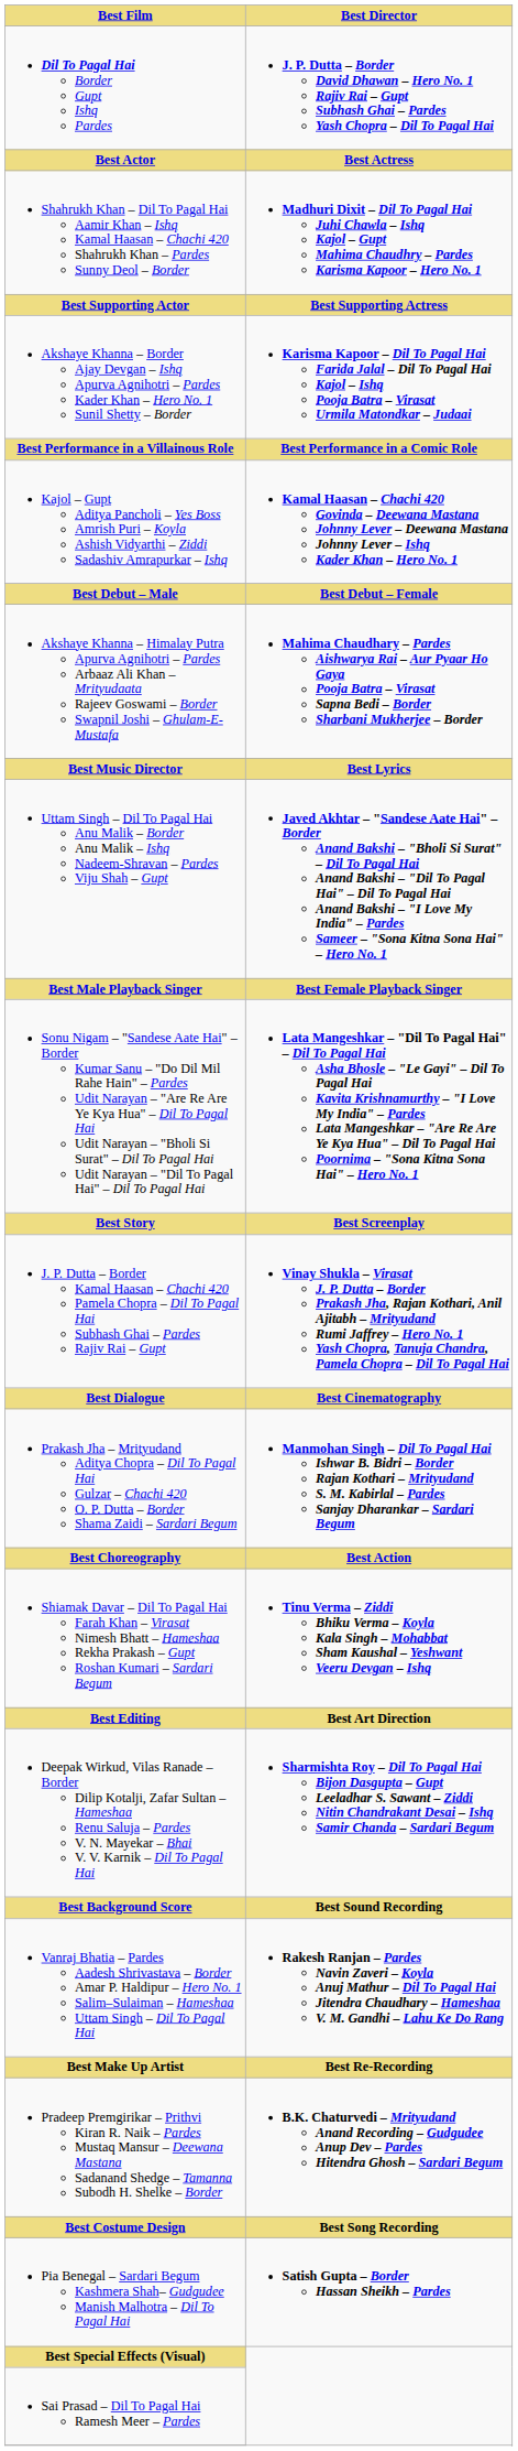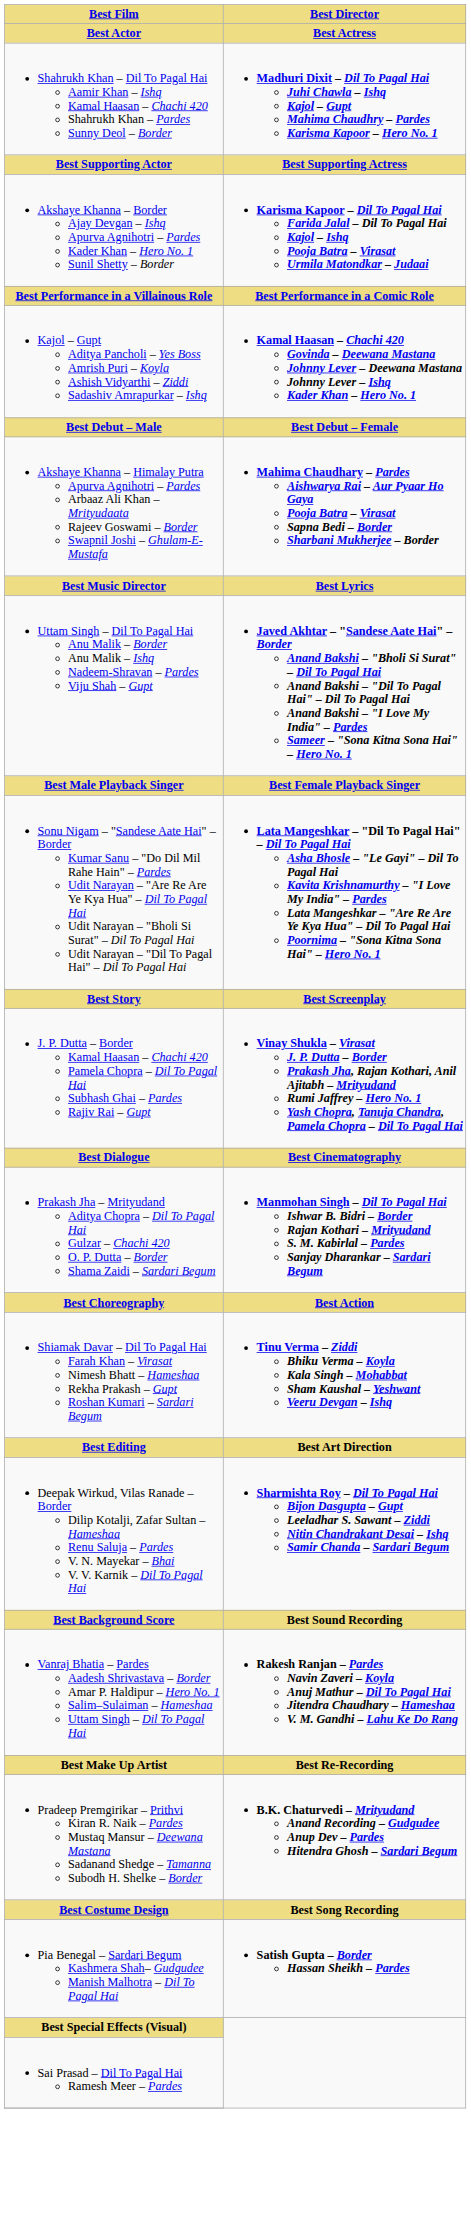 <table class="wikitable">
 <tr>
 <th ! style="background:#EEDD82;text-align:center;"><a href='#'>Best Film</a></th>
 <th ! style="background:#eedd82; text-align:center;"><a href='#'>Best Director</a></th>
-</tr>
-<tr>
-<td valign="top"><br><ul><li><strong><em><a href='#'>Dil To Pagal Hai</a></em></strong><ul><li><em><a href='#'>Border</a></em></li><li><em><a href='#'>Gupt</a></em></li><li><em><a href='#'>Ishq</a></em></li><li><em><a href='#'>Pardes</a></em></li></ul></li></ul></td>
-<td valign="top"><br><ul><li><strong><a href='#'>J. P. Dutta</a> – <em><a href='#'>Border</a><strong><em><ul><li><a href='#'>David Dhawan</a> – </em><a href='#'>Hero No. 1</a><em></li><li><a href='#'>Rajiv Rai</a> – <a href='#'>Gupt</a></li><li><a href='#'>Subhash Ghai</a> – </em><a href='#'>Pardes</a><em></li><li><a href='#'>Yash Chopra</a> – </em><a href='#'>Dil To Pagal Hai</a><em></li></ul></li></ul></td>
 </tr>
 <tr>
 <th ! style="background:#eedd82; text-align:center;"><a href='#'>Best Actor</a></th>
 <th ! style="background:#eedd82; text-align:center;"><a href='#'>Best Actress</a></th>
 </tr>
 <tr>
 <td valign="top"><br><ul><li></strong><a href='#'>Shahrukh Khan</a> – </em><a href='#'>Dil To Pagal Hai</a></em></strong><ul><li><a href='#'>Aamir Khan</a> – <em><a href='#'>Ishq</a></em></li><li><a href='#'>Kamal Haasan</a> – <em><a href='#'>Chachi 420</a></em></li><li>Shahrukh Khan – <em><a href='#'>Pardes</a></em></li><li><a href='#'>Sunny Deol</a> – <em><a href='#'>Border</a></em></li></ul></li></ul></td>
 <td valign="top"><br><ul><li><strong><a href='#'>Madhuri Dixit</a> – <em><a href='#'>Dil To Pagal Hai</a><strong><em><ul><li><a href='#'>Juhi Chawla</a> – </em><a href='#'>Ishq</a><em></li><li><a href='#'>Kajol</a> – </em><a href='#'>Gupt</a><em></li><li><a href='#'>Mahima Chaudhry</a> – <a href='#'>Pardes</a></li><li><a href='#'>Karisma Kapoor</a> – </em><a href='#'>Hero No. 1</a><em></li></ul></li></ul></td>
 </tr>
 <tr>
 <th ! style="background:#eedd82; text-align:center;"><a href='#'>Best Supporting Actor</a></th>
 <th ! style="background:#eedd82; text-align:center;"><a href='#'>Best Supporting Actress</a></th>
 </tr>
 <tr>
 <td valign="top"><br><ul><li></strong><a href='#'>Akshaye Khanna</a> – </em><a href='#'>Border</a></em></strong><ul><li><a href='#'>Ajay Devgan</a> – <em><a href='#'>Ishq</a></em></li><li><a href='#'>Apurva Agnihotri</a> – <em><a href='#'>Pardes</a></em></li><li><a href='#'>Kader Khan</a> – <em><a href='#'>Hero No. 1</a></em></li><li><a href='#'>Sunil Shetty</a> – <em>Border</em></li></ul></li></ul></td>
 <td valign="top"><br><ul><li><strong><a href='#'>Karisma Kapoor</a> – <em><a href='#'>Dil To Pagal Hai</a><strong><em><ul><li><a href='#'>Farida Jalal</a> – </em>Dil To Pagal Hai<em></li><li><a href='#'>Kajol</a> – </em><a href='#'>Ishq</a><em></li><li><a href='#'>Pooja Batra</a> – </em><a href='#'>Virasat</a><em></li><li><a href='#'>Urmila Matondkar</a> – </em><a href='#'>Judaai</a><em></li></ul></li></ul></td>
 </tr>
 <tr>
 <th ! style="background:#eedd82; text-align:center;"><a href='#'>Best Performance in a Villainous Role</a></th>
 <th ! style="background:#eedd82; text-align:center;"><a href='#'>Best Performance in a Comic Role</a></th>
 </tr>
 <tr>
 <td valign="top"><br><ul><li></strong><a href='#'>Kajol</a> – </em><a href='#'>Gupt</a></em></strong><ul><li><a href='#'>Aditya Pancholi</a> – <em><a href='#'>Yes Boss</a></em></li><li><a href='#'>Amrish Puri</a> – <em><a href='#'>Koyla</a></em></li><li><a href='#'>Ashish Vidyarthi</a> – <em><a href='#'>Ziddi</a></em></li><li><a href='#'>Sadashiv Amrapurkar</a> – <em><a href='#'>Ishq</a></em></li></ul></li></ul></td>
 <td valign="top"><br><ul><li><strong><a href='#'>Kamal Haasan</a> – <em><a href='#'>Chachi 420</a><strong><em><ul><li><a href='#'>Govinda</a> – </em><a href='#'>Deewana Mastana</a><em></li><li><a href='#'>Johnny Lever</a> – </em>Deewana Mastana<em></li><li>Johnny Lever – </em><a href='#'>Ishq</a><em></li><li><a href='#'>Kader Khan</a> – </em><a href='#'>Hero No. 1</a><em></li></ul></li></ul></td>
 </tr>
 <tr>
 <th ! style="background:#eedd82; text-align:center;"><a href='#'>Best Debut – Male</a></th>
 <th ! style="background:#eedd82; text-align:center;"><a href='#'>Best Debut – Female</a></th>
 </tr>
 <tr>
 <td valign="top"><br><ul><li></strong><a href='#'>Akshaye Khanna</a> – </em><a href='#'>Himalay Putra</a></em></strong><ul><li><a href='#'>Apurva Agnihotri</a> – <em><a href='#'>Pardes</a></em></li><li>Arbaaz Ali Khan – <em><a href='#'>Mrityudaata</a></em></li><li>Rajeev Goswami – <em><a href='#'>Border</a></em></li><li><a href='#'>Swapnil Joshi</a> – <em><a href='#'>Ghulam-E-Mustafa</a></em></li></ul></li></ul></td>
 <td valign="top"><br><ul><li><strong><a href='#'>Mahima Chaudhary</a> – <em><a href='#'>Pardes</a><strong><em><ul><li><a href='#'>Aishwarya Rai</a> – </em><a href='#'>Aur Pyaar Ho Gaya</a><em></li><li><a href='#'>Pooja Batra</a> – </em><a href='#'>Virasat</a><em></li><li>Sapna Bedi – </em><a href='#'>Border</a><em></li><li><a href='#'>Sharbani Mukherjee</a> – </em>Border<em></li></ul></li></ul></td>
 </tr>
 <tr>
 <th ! style="background:#eedd82; text-align:center;"><a href='#'>Best Music Director</a></th>
 <th ! style="background:#eedd82; text-align:center;"><a href='#'>Best Lyrics</a></th>
 </tr>
 <tr>
 <td valign="top"><br><ul><li></strong><a href='#'>Uttam Singh</a> – </em><a href='#'>Dil To Pagal Hai</a></em></strong><ul><li><a href='#'>Anu Malik</a> – <em><a href='#'>Border</a></em></li><li>Anu Malik – <em><a href='#'>Ishq</a></em></li><li><a href='#'>Nadeem-Shravan</a> – <em><a href='#'>Pardes</a></em></li><li><a href='#'>Viju Shah</a> – <em><a href='#'>Gupt</a></em></li></ul></li></ul></td>
 <td valign="top"><br><ul><li><strong><a href='#'>Javed Akhtar</a> – "<a href='#'>Sandese Aate Hai</a>" – <em><a href='#'>Border</a><strong><em><ul><li><a href='#'>Anand Bakshi</a> – "Bholi Si Surat" – </em><a href='#'>Dil To Pagal Hai</a><em></li><li>Anand Bakshi – "Dil To Pagal Hai" – </em>Dil To Pagal Hai<em></li><li>Anand Bakshi – "I Love My India" – </em><a href='#'>Pardes</a><em></li><li><a href='#'>Sameer</a> – "Sona Kitna Sona Hai" – </em><a href='#'>Hero No. 1</a><em></li></ul></li></ul></td>
 </tr>
 <tr>
 <th ! style="background:#eedd82; text-align:center;"><a href='#'>Best Male Playback Singer</a></th>
 <th ! style="background:#eedd82; text-align:center;"><a href='#'>Best Female Playback Singer</a></th>
 </tr>
 <tr>
 <td valign="top"><br><ul><li></strong><a href='#'>Sonu Nigam</a> – "<a href='#'>Sandese Aate Hai</a>" – </em><a href='#'>Border</a></em></strong><ul><li><a href='#'>Kumar Sanu</a> – "Do Dil Mil Rahe Hain" – <em><a href='#'>Pardes</a></em></li><li><a href='#'>Udit Narayan</a> – "Are Re Are Ye Kya Hua" – <em><a href='#'>Dil To Pagal Hai</a></em></li><li>Udit Narayan – "Bholi Si Surat" – <em>Dil To Pagal Hai</em></li><li>Udit Narayan – "Dil To Pagal Hai" – <em>Dil To Pagal Hai</em></li></ul></li></ul></td>
 <td valign="top"><br><ul><li><strong><a href='#'>Lata Mangeshkar</a> – "Dil To Pagal Hai" – <em><a href='#'>Dil To Pagal Hai</a><strong><em><ul><li><a href='#'>Asha Bhosle</a> – "Le Gayi" – </em>Dil To Pagal Hai<em></li><li><a href='#'>Kavita Krishnamurthy</a> – "I Love My India" – </em><a href='#'>Pardes</a><em></li><li>Lata Mangeshkar – "Are Re Are Ye Kya Hua" – </em>Dil To Pagal Hai<em></li><li><a href='#'>Poornima</a> – "Sona Kitna Sona Hai" – </em><a href='#'>Hero No. 1</a><em></li></ul></li></ul></td>
 </tr>
 <tr>
 <th ! style="background:#eedd82; text-align:center;"><a href='#'>Best Story</a></th>
 <th ! style="background:#eedd82; text-align:center;"><a href='#'>Best Screenplay</a></th>
 </tr>
 <tr>
 <td valign="top"><br><ul><li></strong><a href='#'>J. P. Dutta</a> – </em><a href='#'>Border</a></em></strong><ul><li><a href='#'>Kamal Haasan</a> – <em><a href='#'>Chachi 420</a></em></li><li><a href='#'>Pamela Chopra</a> – <em><a href='#'>Dil To Pagal Hai</a></em></li><li><a href='#'>Subhash Ghai</a> – <em><a href='#'>Pardes</a></em></li><li><a href='#'>Rajiv Rai</a> – <em><a href='#'>Gupt</a></em></li></ul></li></ul></td>
 <td valign="top"><br><ul><li><strong><a href='#'>Vinay Shukla</a> – <em><a href='#'>Virasat</a><strong><em><ul><li><a href='#'>J. P. Dutta</a> – </em><a href='#'>Border</a><em></li><li><a href='#'>Prakash Jha</a>, Rajan Kothari, Anil Ajitabh – </em><a href='#'>Mrityudand</a><em></li><li>Rumi Jaffrey – </em><a href='#'>Hero No. 1</a><em></li><li><a href='#'>Yash Chopra</a>, <a href='#'>Tanuja Chandra</a>, <a href='#'>Pamela Chopra</a> – </em><a href='#'>Dil To Pagal Hai</a><em></li></ul></li></ul></td>
 </tr>
 <tr>
 <th ! style="background:#eedd82; text-align:center;"><a href='#'>Best Dialogue</a></th>
 <th ! style="background:#eedd82; text-align:center;"><a href='#'>Best Cinematography</a></th>
 </tr>
 <tr>
 <td valign="top"><br><ul><li></strong><a href='#'>Prakash Jha</a> – </em><a href='#'>Mrityudand</a></em></strong><ul><li><a href='#'>Aditya Chopra</a> – <em><a href='#'>Dil To Pagal Hai</a></em></li><li><a href='#'>Gulzar</a> – <em><a href='#'>Chachi 420</a></em></li><li><a href='#'>O. P. Dutta</a> – <em><a href='#'>Border</a></em></li><li><a href='#'>Shama Zaidi</a> – <em><a href='#'>Sardari Begum</a></em></li></ul></li></ul></td>
 <td valign="top"><br><ul><li><strong><a href='#'>Manmohan Singh</a> – <em><a href='#'>Dil To Pagal Hai</a><strong><em><ul><li>Ishwar B. Bidri – </em><a href='#'>Border</a><em></li><li>Rajan Kothari – </em><a href='#'>Mrityudand</a><em></li><li>S. M. Kabirlal – </em><a href='#'>Pardes</a><em></li><li>Sanjay Dharankar – </em><a href='#'>Sardari Begum</a><em></li></ul></li></ul></td>
 </tr>
 <tr>
 <th ! style="background:#eedd82; text-align:center;"><a href='#'>Best Choreography</a></th>
 <th ! style="background:#eedd82; text-align:center;"><a href='#'>Best Action</a></th>
 </tr>
 <tr>
 <td valign="top"><br><ul><li></strong><a href='#'>Shiamak Davar</a> – </em><a href='#'>Dil To Pagal Hai</a></em></strong><ul><li><a href='#'>Farah Khan</a> – <em><a href='#'>Virasat</a></em></li><li>Nimesh Bhatt – <em><a href='#'>Hameshaa</a></em></li><li>Rekha Prakash – <em><a href='#'>Gupt</a></em></li><li><a href='#'>Roshan Kumari</a> – <em><a href='#'>Sardari Begum</a></em></li></ul></li></ul></td>
 <td valign="top"><br><ul><li><strong><a href='#'>Tinu Verma</a> – <em><a href='#'>Ziddi</a><strong><em><ul><li>Bhiku Verma – </em><a href='#'>Koyla</a><em></li><li>Kala Singh – </em><a href='#'>Mohabbat</a><em></li><li>Sham Kaushal – </em><a href='#'>Yeshwant</a><em></li><li><a href='#'>Veeru Devgan</a> – </em><a href='#'>Ishq</a><em></li></ul></li></ul></td>
 </tr>
 <tr>
 <th ! style="background:#eedd82; text-align:center;"><a href='#'>Best Editing</a></th>
 <th ! style="background:#eedd82; text-align:center;">Best Art Direction</th>
 </tr>
 <tr>
 <td valign="top"><br><ul><li></strong>Deepak Wirkud, Vilas Ranade – </em><a href='#'>Border</a></em></strong><ul><li>Dilip Kotalji, Zafar Sultan – <em><a href='#'>Hameshaa</a></em></li><li><a href='#'>Renu Saluja</a> – <em><a href='#'>Pardes</a></em></li><li>V. N. Mayekar – <em><a href='#'>Bhai</a></em></li><li>V. V. Karnik – <em><a href='#'>Dil To Pagal Hai</a></em></li></ul></li></ul></td>
 <td valign="top"><br><ul><li><strong><a href='#'>Sharmishta Roy</a> – <em><a href='#'>Dil To Pagal Hai</a><strong><em><ul><li><a href='#'>Bijon Dasgupta</a> – </em><a href='#'>Gupt</a><em></li><li>Leeladhar S. Sawant – </em><a href='#'>Ziddi</a><em></li><li><a href='#'>Nitin Chandrakant Desai</a> – </em><a href='#'>Ishq</a><em></li><li><a href='#'>Samir Chanda</a> – </em><a href='#'>Sardari Begum</a><em></li></ul></li></ul></td>
 </tr>
 <tr>
 <th ! style="background:#eedd82; text-align:center;"><a href='#'>Best Background Score</a></th>
 <th ! style="background:#eedd82; text-align:center;">Best Sound Recording</th>
 </tr>
 <tr>
 <td valign="top"><br><ul><li></strong><a href='#'>Vanraj Bhatia</a> – </em><a href='#'>Pardes</a></em></strong><ul><li><a href='#'>Aadesh Shrivastava</a> – <em><a href='#'>Border</a></em></li><li>Amar P. Haldipur – <em><a href='#'>Hero No. 1</a></em></li><li><a href='#'>Salim–Sulaiman</a> – <em><a href='#'>Hameshaa</a></em></li><li><a href='#'>Uttam Singh</a> – <em><a href='#'>Dil To Pagal Hai</a></em></li></ul></li></ul></td>
 <td valign="top"><br><ul><li><strong>Rakesh Ranjan – <em><a href='#'>Pardes</a><strong><em><ul><li>Navin Zaveri – </em><a href='#'>Koyla</a><em></li><li>Anuj Mathur – </em><a href='#'>Dil To Pagal Hai</a><em></li><li>Jitendra Chaudhary – </em><a href='#'>Hameshaa</a><em></li><li>V. M. Gandhi – </em><a href='#'>Lahu Ke Do Rang</a><em></li></ul></li></ul></td>
 </tr>
 <tr>
 <th ! style="background:#eedd82; text-align:center;">Best Make Up Artist</th>
 <th ! style="background:#eedd82; text-align:center;">Best Re-Recording</th>
 </tr>
 <tr>
 <td valign="top"><br><ul><li></strong>Pradeep Premgirikar – </em><a href='#'>Prithvi</a></em></strong><ul><li>Kiran R. Naik – <em><a href='#'>Pardes</a></em></li><li>Mustaq Mansur – <em><a href='#'>Deewana Mastana</a></em></li><li>Sadanand Shedge – <em><a href='#'>Tamanna</a></em></li><li>Subodh H. Shelke – <em><a href='#'>Border</a></em></li></ul></li></ul></td>
 <td valign="top"><br><ul><li><strong>B.K. Chaturvedi – <em><a href='#'>Mrityudand</a><strong><em><ul><li>Anand Recording – </em><a href='#'>Gudgudee</a><em></li><li>Anup Dev – </em><a href='#'>Pardes</a><em></li><li>Hitendra Ghosh – </em><a href='#'>Sardari Begum</a><em></li></ul></li></ul></td>
 </tr>
 <tr>
 <th ! style="background:#eedd82; text-align:center;"><a href='#'>Best Costume Design</a></th>
 <th ! style="background:#eedd82; text-align:center;">Best Song Recording</th>
 </tr>
 <tr>
 <td valign="top"><br><ul><li></strong>Pia Benegal – </em><a href='#'>Sardari Begum</a></em></strong><ul><li><a href='#'>Kashmera Shah</a>– <em><a href='#'>Gudgudee</a></em></li><li><a href='#'>Manish Malhotra</a> – <em><a href='#'>Dil To Pagal Hai</a></em></li></ul></li></ul></td>
 <td valign="top"><br><ul><li><strong>Satish Gupta – <em><a href='#'>Border</a><strong><em><ul><li>Hassan Sheikh – </em><a href='#'>Pardes</a><em></li></ul></li></ul></td>
 </tr>
 <tr>
 <th ! style="background:#eedd82; text-align:center;">Best Special Effects (Visual)</th>
 </tr>
 <tr>
 <td valign="top"><br><ul><li></strong>Sai Prasad – </em><a href='#'>Dil To Pagal Hai</a></em></strong><ul><li>Ramesh Meer – <em><a href='#'>Pardes</a></em></li></ul></li></ul></td>
 </tr>
 <tr>
 </tr>
 </table>
